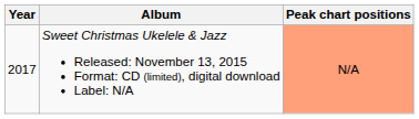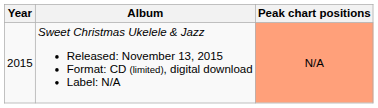 <table class="wikitable" style="text-align:center;">
 <tr>
 <th rowspan="1">Year</th>
 <th rowspan="1">Album</th>
 <th colspan="1">Peak chart positions</th>
 </tr>
 <tr>
-<td>2017</td>
+<td>2015</td>
 <td align="left"><em>Sweet Christmas Ukelele & Jazz</em><br><ul><li>Released: November 13, 2015</li><li>Format: CD <small>(limited)</small>, digital download</li><li>Label: N/A</li></ul></td>
 <td style="background: lightsalmon;">N/A</td>
 </tr>
 </table>
